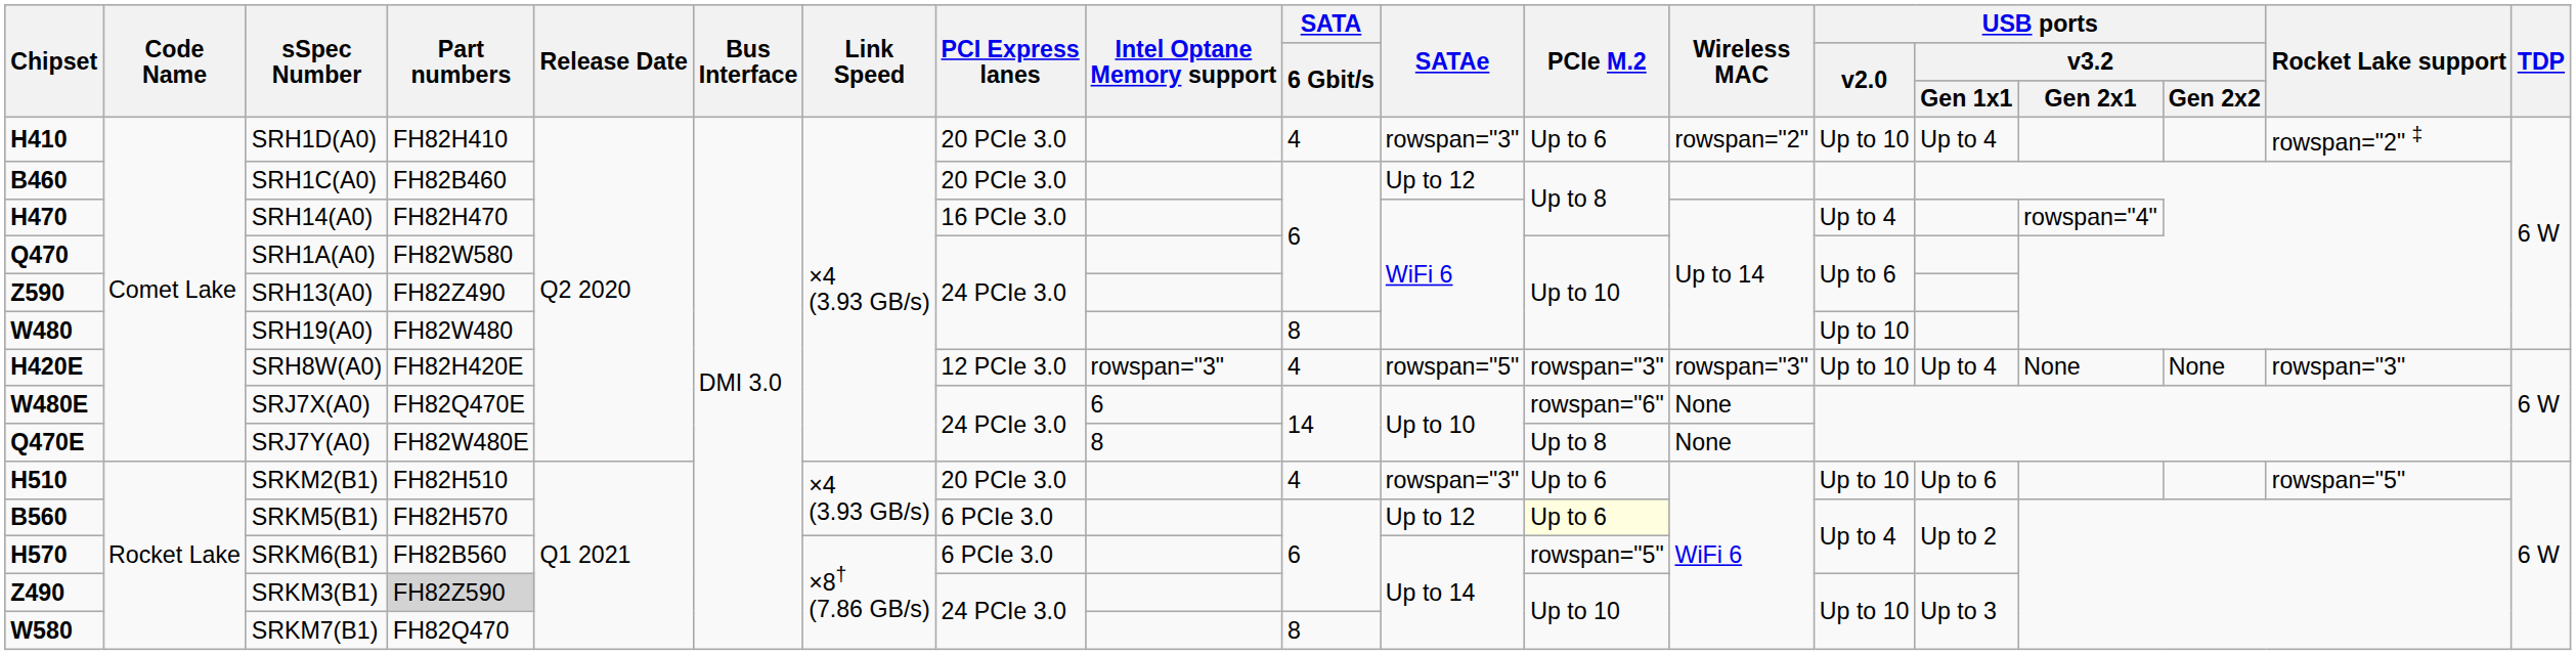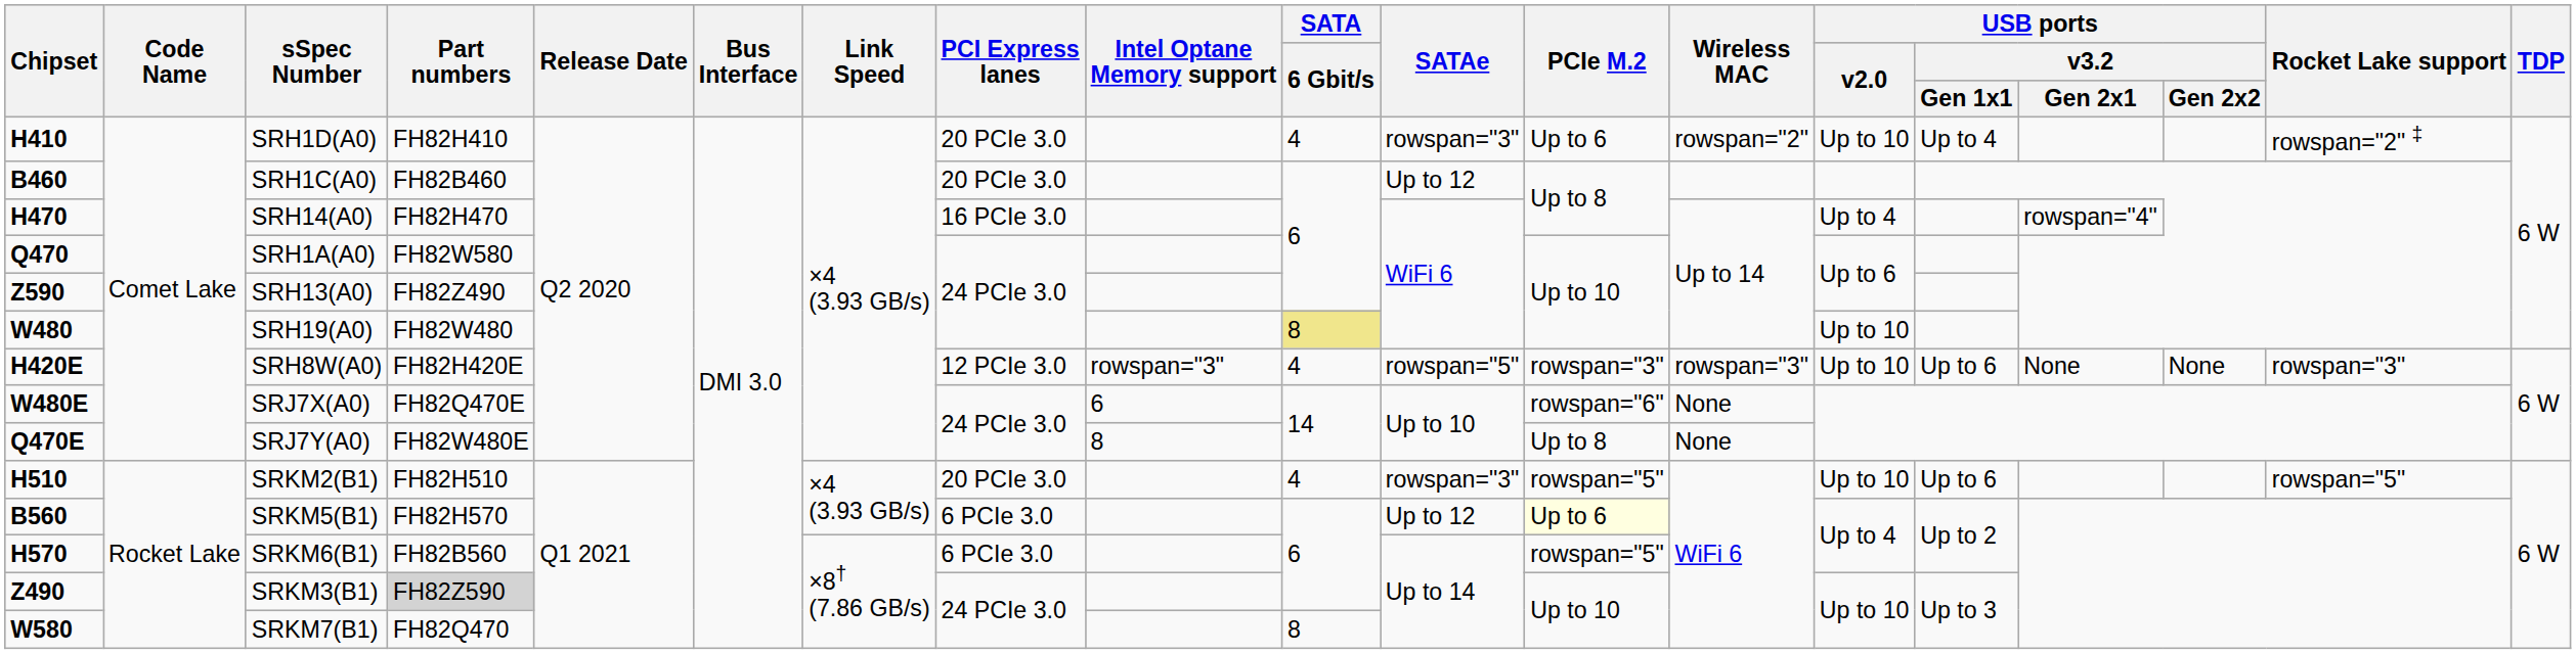 <table class="wikitable" style="font-size: 90%;">
 <tr>
 <th rowspan="3">Chipset</th>
 <th rowspan="3">Code<br>Name</th>
 <th rowspan="3">sSpec<br>Number</th>
 <th rowspan="3">Part<br>numbers</th>
 <th rowspan="3">Release Date</th>
 <th rowspan="3">Bus<br>Interface</th>
 <th rowspan="3">Link<br>Speed</th>
 <th rowspan="3"><a href='#'>PCI Express</a><br>lanes</th>
 <th rowspan="3"><a href='#'>Intel Optane<br>Memory</a> support</th>
 <th><a href='#'>SATA</a></th>
 <th rowspan="3"><a href='#'>SATAe</a></th>
 <th rowspan="3">PCIe <a href='#'>M.2</a></th>
 <th rowspan="3">Wireless<br>MAC</th>
 <th colspan="4"><a href='#'>USB</a> ports</th>
 <th rowspan="3">Rocket Lake support</th>
 <th rowspan="3"><a href='#'>TDP</a></th>
 </tr>
 <tr>
 <th rowspan="2">6 Gbit/s</th>
 <th rowspan="2">v2.0</th>
 <th colspan="3">v3.2</th>
 </tr>
 <tr>
 <th>Gen 1x1</th>
 <th>Gen 2x1</th>
 <th>Gen 2x2</th>
 </tr>
 <tr>
 <td><strong>H410</strong></td>
 <td rowspan="9">Comet Lake</td>
 <td>SRH1D(A0)</td>
 <td>FH82H410</td>
 <td rowspan="9">Q2 2020</td>
 <td rowspan="14">DMI 3.0</td>
 <td rowspan="9">×4<br>(3.93 GB/s)</td>
 <td>20 PCIe 3.0</td>
 <td></td>
 <td>4</td>
 <td>rowspan="3" </td>
 <td>Up to 6</td>
 <td>rowspan="2" </td>
 <td>Up to 10</td>
 <td>Up to 4</td>
 <td></td>
 <td></td>
 <td>rowspan="2" <sup>‡</sup></td>
 <td rowspan="6">6 W</td>
 </tr>
 <tr>
 <td><strong>B460</strong></td>
 <td>SRH1C(A0)</td>
 <td>FH82B460</td>
 <td>20 PCIe 3.0</td>
 <td></td>
 <td rowspan="4">6</td>
 <td>Up to 12</td>
 <td rowspan="2">Up to 8</td>
 <td></td>
 <td></td>
 </tr>
 <tr>
 <td><strong>H470</strong></td>
 <td>SRH14(A0)</td>
 <td>FH82H470</td>
 <td>16 PCIe 3.0</td>
 <td></td>
 <td rowspan="4"><a href='#'>WiFi 6</a></td>
 <td rowspan="4">Up to 14</td>
 <td>Up to 4</td>
 <td></td>
 <td>rowspan="4" </td>
 </tr>
 <tr>
 <td><strong>Q470</strong></td>
 <td>SRH1A(A0)</td>
 <td>FH82W580</td>
 <td rowspan="3">24 PCIe 3.0</td>
 <td></td>
 <td rowspan="3">Up to 10</td>
 <td rowspan="2">Up to 6</td>
 <td></td>
 </tr>
 <tr>
 <td><strong>Z590</strong></td>
 <td>SRH13(A0)</td>
 <td>FH82Z490</td>
 <td></td>
 <td></td>
 </tr>
 <tr>
 <td><strong>W480</strong></td>
 <td>SRH19(A0)</td>
 <td>FH82W480</td>
 <td></td>
-<td>8</td>
+<td style="background: khaki;">8</td>
 <td>Up to 10</td>
 <td></td>
 </tr>
 <tr>
 <td><strong>H420E</strong></td>
 <td>SRH8W(A0)</td>
 <td>FH82H420E</td>
 <td>12 PCIe 3.0</td>
 <td>rowspan="3" </td>
 <td>4</td>
 <td>rowspan="5" </td>
 <td>rowspan="3" </td>
 <td>rowspan="3" </td>
 <td>Up to 10</td>
-<td>Up to 4</td>
+<td>Up to 6</td>
 <td>None</td>
 <td>None</td>
 <td>rowspan="3" </td>
 <td rowspan="3">6 W</td>
 </tr>
 <tr>
 <td><strong>W480E</strong></td>
 <td>SRJ7X(A0)</td>
 <td>FH82Q470E</td>
 <td rowspan="2">24 PCIe 3.0</td>
 <td>6</td>
 <td rowspan="2">14</td>
 <td rowspan="2">Up to 10</td>
 <td>rowspan="6" </td>
 <td>None</td>
 </tr>
 <tr>
 <td><strong>Q470E</strong></td>
 <td>SRJ7Y(A0)</td>
 <td>FH82W480E</td>
 <td>8</td>
 <td>Up to 8</td>
 <td>None</td>
 </tr>
 <tr>
 <td><strong>H510</strong></td>
 <td rowspan="5">Rocket Lake</td>
 <td>SRKM2(B1)</td>
 <td>FH82H510</td>
 <td rowspan="5">Q1 2021</td>
 <td rowspan="2">×4<br>(3.93 GB/s)</td>
 <td>20 PCIe 3.0</td>
 <td></td>
 <td>4</td>
 <td>rowspan="3" </td>
-<td>Up to 6</td>
+<td>rowspan="5" </td>
 <td rowspan="5"><a href='#'>WiFi 6</a></td>
 <td>Up to 10</td>
 <td>Up to 6</td>
 <td></td>
 <td></td>
 <td>rowspan="5" </td>
 <td rowspan="5">6 W</td>
 </tr>
 <tr>
 <td><strong>B560</strong></td>
 <td>SRKM5(B1)</td>
 <td>FH82H570</td>
 <td>6 PCIe 3.0</td>
 <td></td>
 <td rowspan="3">6</td>
 <td>Up to 12</td>
 <td style="background: lightyellow;">Up to 6</td>
 <td rowspan="2">Up to 4</td>
 <td rowspan="2">Up to 2</td>
 </tr>
 <tr>
 <td><strong>H570</strong></td>
 <td>SRKM6(B1)</td>
 <td>FH82B560</td>
 <td rowspan="3">×8<sup>†</sup><br>(7.86 GB/s)</td>
 <td>6 PCIe 3.0</td>
 <td></td>
 <td rowspan="3">Up to 14</td>
 <td>rowspan="5" </td>
 </tr>
 <tr>
 <td><strong>Z490</strong></td>
 <td>SRKM3(B1)</td>
 <td style="background: lightgrey;">FH82Z590</td>
 <td rowspan="2">24 PCIe 3.0</td>
 <td></td>
 <td rowspan="2">Up to 10</td>
 <td rowspan="2">Up to 10</td>
 <td rowspan="2">Up to 3</td>
 </tr>
 <tr>
 <td><strong>W580</strong></td>
 <td>SRKM7(B1)</td>
 <td>FH82Q470</td>
 <td></td>
 <td>8</td>
 </tr>
 </table>
